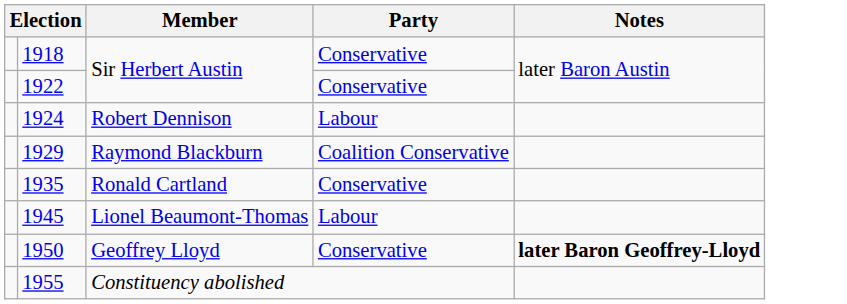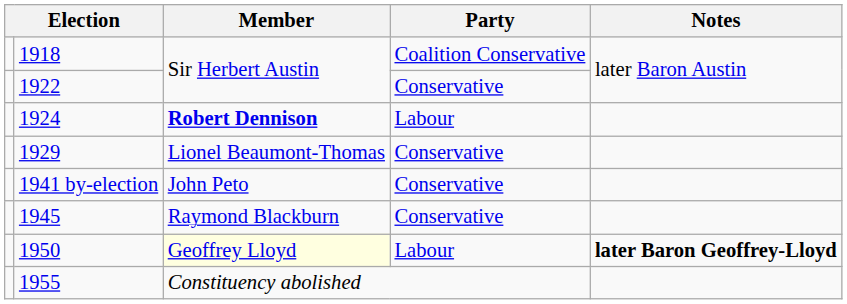 <table class="wikitable">
 <tr>
 <th colspan="2">Election</th>
 <th>Member</th>
 <th>Party</th>
 <th>Notes</th>
 </tr>
 <tr>
 <td style="color:inherit;background-color: "></td>
 <td><a href='#'>1918</a></td>
 <td rowspan="2">Sir <a href='#'>Herbert Austin</a></td>
-<td><a href='#'>Conservative</a></td>
+<td><a href='#'>Coalition Conservative</a></td>
 <td rowspan="2">later <a href='#'>Baron Austin</a></td>
 </tr>
 <tr>
 <td style="color:inherit;background-color: "></td>
 <td><a href='#'>1922</a></td>
 <td><a href='#'>Conservative</a></td>
 </tr>
 <tr>
 <td style="color:inherit;background-color: "></td>
 <td><a href='#'>1924</a></td>
-<td><a href='#'>Robert Dennison</a></td>
+<td><strong><a href='#'>Robert Dennison</a></strong></td>
 <td><a href='#'>Labour</a></td>
 <td></td>
 </tr>
 <tr>
 <td style="color:inherit;background-color: "></td>
 <td><a href='#'>1929</a></td>
-<td><a href='#'>Raymond Blackburn</a></td>
-<td><a href='#'>Coalition Conservative</a></td>
+<td><a href='#'>Lionel Beaumont-Thomas</a></td>
+<td><a href='#'>Conservative</a></td>
 <td></td>
 </tr>
 <tr>
 <td style="color:inherit;background-color: "></td>
-<td><a href='#'>1935</a></td>
-<td><a href='#'>Ronald Cartland</a></td>
+<td><a href='#'>1941 by-election</a></td>
+<td><a href='#'>John Peto</a></td>
 <td><a href='#'>Conservative</a></td>
 <td></td>
 </tr>
 <tr>
 <td style="color:inherit;background-color: "></td>
 <td><a href='#'>1945</a></td>
-<td><a href='#'>Lionel Beaumont-Thomas</a></td>
-<td><a href='#'>Labour</a></td>
+<td><a href='#'>Raymond Blackburn</a></td>
+<td><a href='#'>Conservative</a></td>
 <td></td>
 </tr>
 <tr>
 <td style="color:inherit;background-color: "></td>
 <td><a href='#'>1950</a></td>
-<td><a href='#'>Geoffrey Lloyd</a></td>
-<td><a href='#'>Conservative</a></td>
+<td style="background: lightyellow;"><a href='#'>Geoffrey Lloyd</a></td>
+<td><a href='#'>Labour</a></td>
 <td><strong>later Baron Geoffrey-Lloyd</strong></td>
 </tr>
 <tr>
 <td></td>
 <td><a href='#'>1955</a></td>
 <td colspan="2"><em>Constituency abolished</em></td>
 <td></td>
 </tr>
 </table>
